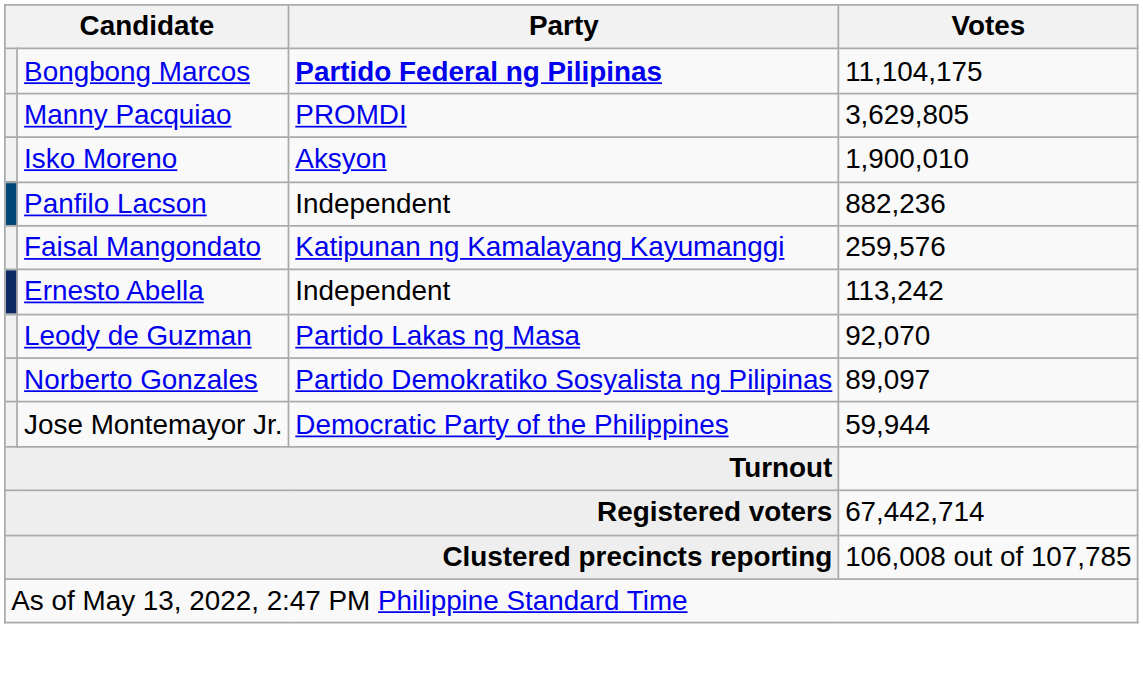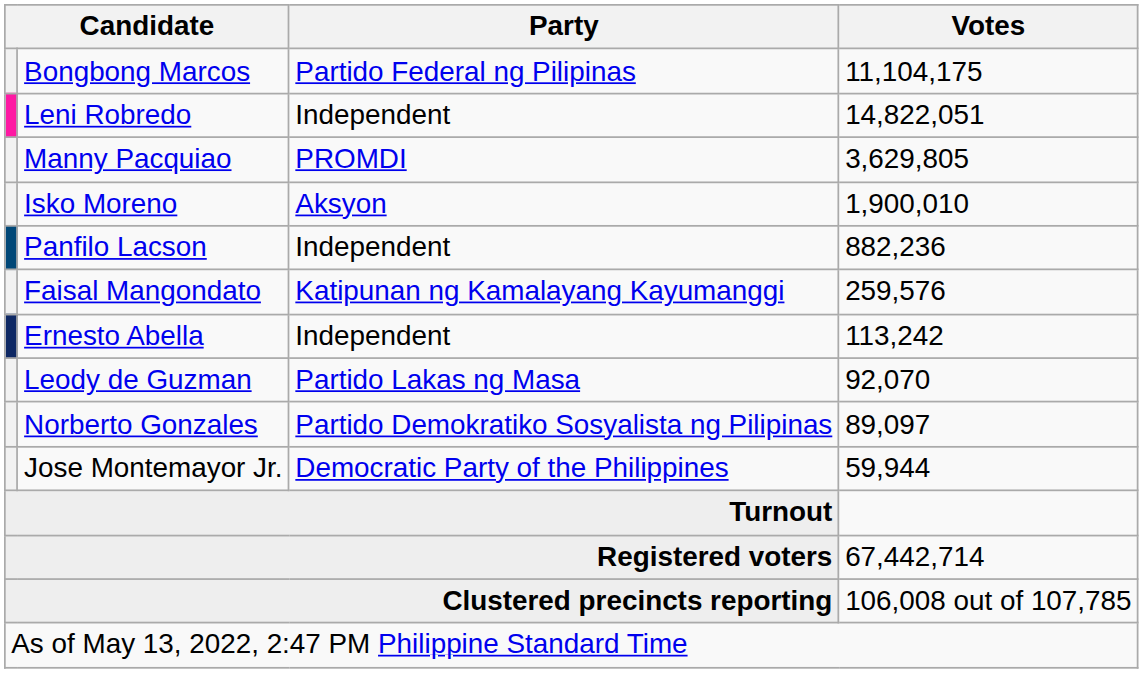 <table class="wikitable">
 <tr>
 <th colspan="2">Candidate</th>
 <th>Party</th>
 <th>Votes</th>
 </tr>
 <tr>
 <th style="background:"></th>
 <td><a href='#'>Bongbong Marcos</a></td>
-<td><strong><a href='#'>Partido Federal ng Pilipinas</a></strong></td>
+<td><a href='#'>Partido Federal ng Pilipinas</a></td>
 <td>11,104,175</td>
+</tr>
+<tr>
+<th style="background:#FE18A3;"></th>
+<td><a href='#'>Leni Robredo</a></td>
+<td>Independent</td>
+<td>14,822,051</td>
 </tr>
 <tr>
 <th style="background:"></th>
 <td><a href='#'>Manny Pacquiao</a></td>
 <td><a href='#'>PROMDI</a></td>
 <td>3,629,805</td>
 </tr>
 <tr>
 <th style="background:"></th>
 <td><a href='#'>Isko Moreno</a></td>
 <td><a href='#'>Aksyon</a></td>
 <td>1,900,010</td>
 </tr>
 <tr>
 <th style="background:#004777;"></th>
 <td><a href='#'>Panfilo Lacson</a></td>
 <td>Independent</td>
 <td>882,236</td>
 </tr>
 <tr>
 <th style="background:"></th>
 <td><a href='#'>Faisal Mangondato</a></td>
 <td><a href='#'>Katipunan ng Kamalayang Kayumanggi</a></td>
 <td>259,576</td>
 </tr>
 <tr>
 <th style="background:#0E2864;"></th>
 <td><a href='#'>Ernesto Abella</a></td>
 <td>Independent</td>
 <td>113,242</td>
 </tr>
 <tr>
 <th style="background:"></th>
 <td><a href='#'>Leody de Guzman</a></td>
 <td><a href='#'>Partido Lakas ng Masa</a></td>
 <td>92,070</td>
 </tr>
 <tr>
 <th style="background:"></th>
 <td><a href='#'>Norberto Gonzales</a></td>
 <td><a href='#'>Partido Demokratiko Sosyalista ng Pilipinas</a></td>
 <td>89,097</td>
 </tr>
 <tr>
 <th style="background:"></th>
 <td>Jose Montemayor Jr.</td>
 <td><a href='#'>Democratic Party of the Philippines</a></td>
 <td>59,944</td>
 </tr>
 <tr>
 <td colspan="3" style="background:#eee; text-align:right;"><strong>Turnout</strong></td>
 <td></td>
 </tr>
 <tr>
 <td colspan="3" style="background:#eee; text-align:right;"><strong>Registered voters</strong></td>
 <td>67,442,714</td>
 </tr>
 <tr>
 <td colspan="3" style="background:#eee; text-align:right;"><strong>Clustered precincts reporting</strong></td>
 <td>106,008 out of 107,785</td>
 </tr>
 <tr>
 <td colspan="4">As of May 13, 2022, 2:47 PM <a href='#'>Philippine Standard Time</a></td>
 </tr>
 </table>
